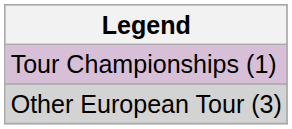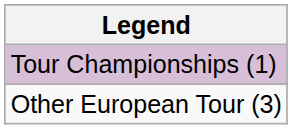 <table class="wikitable" style="font-size:95%;">
 <tr>
 <th>Legend</th>
 </tr>
 <tr style="background:thistle">
 <td>Tour Championships (1)</td>
 </tr>
 <tr>
-<td style="background: lightgrey;">Other European Tour (3)</td>
+<td>Other European Tour (3)</td>
 </tr>
 </table>
